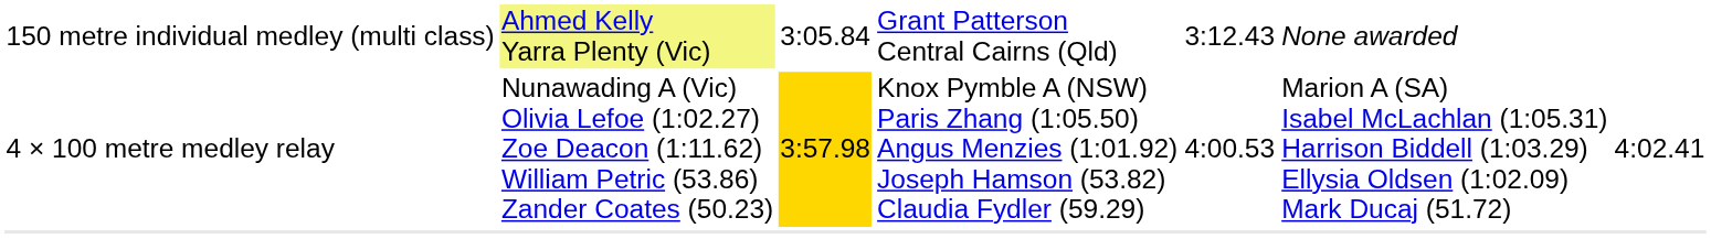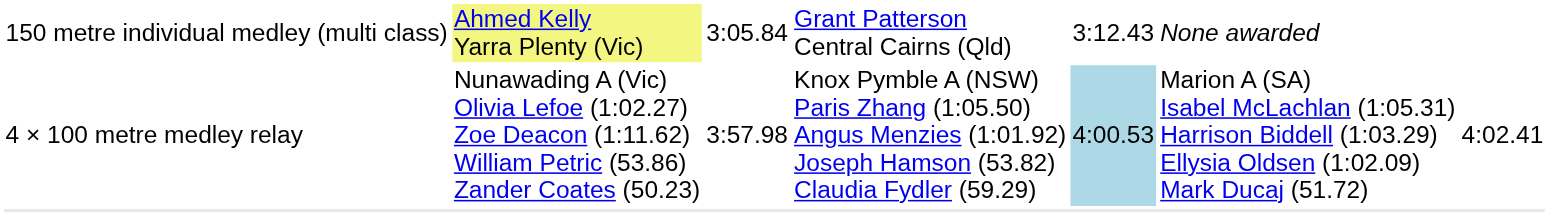 <table>
 <tr>
 <td>150 metre individual medley (multi class)</td>
 <td bgcolor=#F3F781><a href='#'>Ahmed Kelly</a> <br> Yarra Plenty (Vic)</td>
 <td>3:05.84</td>
 <td><a href='#'>Grant Patterson</a> <br> Central Cairns (Qld)</td>
 <td>3:12.43</td>
 <td colspan=2><em>None awarded</em></td>
 </tr>
 <tr>
 <td>4 × 100 metre medley relay</td>
 <td>Nunawading A (Vic) <br> <a href='#'>Olivia Lefoe</a> (1:02.27) <br> <a href='#'>Zoe Deacon</a> (1:11.62) <br> <a href='#'>William Petric</a> (53.86) <br> <a href='#'>Zander Coates</a> (50.23)</td>
-<td style="background: gold;">3:57.98</td>
+<td>3:57.98</td>
 <td>Knox Pymble A (NSW) <br> <a href='#'>Paris Zhang</a> (1:05.50) <br> <a href='#'>Angus Menzies</a> (1:01.92) <br> <a href='#'>Joseph Hamson</a> (53.82) <br> <a href='#'>Claudia Fydler</a> (59.29)</td>
-<td>4:00.53</td>
+<td style="background: lightblue;">4:00.53</td>
 <td>Marion A (SA) <br> <a href='#'>Isabel McLachlan</a> (1:05.31) <br> <a href='#'>Harrison Biddell</a> (1:03.29) <br> <a href='#'>Ellysia Oldsen</a> (1:02.09) <br> <a href='#'>Mark Ducaj</a> (51.72)</td>
 <td>4:02.41</td>
 </tr>
 <tr bgcolor= e8e8e8>
 <td colspan=7></td>
 </tr>
 </table>
